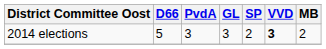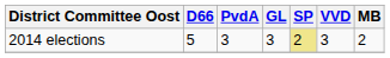 <table class="wikitable">
 <tr>
 <th>District Committee Oost</th>
 <th><a href='#'>D66</a></th>
 <th><a href='#'>PvdA</a></th>
 <th><a href='#'>GL</a></th>
 <th><a href='#'>SP</a></th>
 <th><a href='#'>VVD</a></th>
 <th>MB</th>
 </tr>
 <tr>
 <td>2014 elections</td>
 <td>5</td>
 <td>3</td>
 <td>3</td>
-<td>2</td>
-<td><strong>3</strong></td>
+<td style="background: khaki;">2</td>
+<td>3</td>
 <td>2</td>
 </tr>
 <tr>
 </tr>
 </table>
